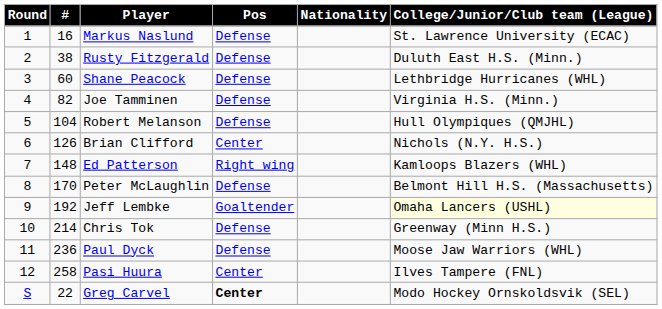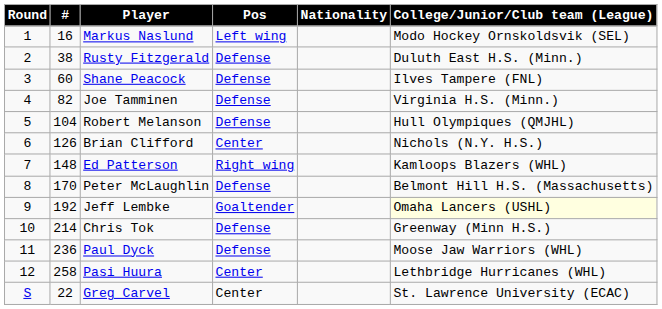 <table class="wikitable">
 <tr>
 <th style="color:white; background:#000000; ">Round</th>
 <th style="color:white; background:#000000; ">#</th>
 <th style="color:white; background:#000000; ">Player</th>
 <th style="color:white; background:#000000; ">Pos</th>
 <th style="color:white; background:#000000; ">Nationality</th>
 <th style="color:white; background:#000000; ">College/Junior/Club team (League)</th>
 </tr>
 <tr>
 <td align=center>1</td>
 <td align=center>16</td>
 <td><a href='#'>Markus Naslund</a></td>
-<td><a href='#'>Defense</a></td>
+<td><a href='#'>Left wing</a></td>
 <td></td>
-<td>St. Lawrence University (ECAC)</td>
+<td>Modo Hockey Ornskoldsvik (SEL)</td>
 </tr>
 <tr>
 <td align=center>2</td>
 <td align=center>38</td>
 <td><a href='#'>Rusty Fitzgerald</a></td>
 <td><a href='#'>Defense</a></td>
 <td></td>
 <td>Duluth East H.S. (Minn.)</td>
 </tr>
 <tr>
 <td align=center>3</td>
 <td align=center>60</td>
 <td><a href='#'>Shane Peacock</a></td>
 <td><a href='#'>Defense</a></td>
 <td></td>
-<td>Lethbridge Hurricanes (WHL)</td>
+<td>Ilves Tampere (FNL)</td>
 </tr>
 <tr>
 <td align=center>4</td>
 <td align=center>82</td>
 <td>Joe Tamminen</td>
 <td><a href='#'>Defense</a></td>
 <td></td>
 <td>Virginia H.S. (Minn.)</td>
 </tr>
 <tr>
 <td align=center>5</td>
 <td align=center>104</td>
 <td>Robert Melanson</td>
 <td><a href='#'>Defense</a></td>
 <td></td>
 <td>Hull Olympiques (QMJHL)</td>
 </tr>
 <tr>
 <td align=center>6</td>
 <td align=center>126</td>
 <td>Brian Clifford</td>
 <td><a href='#'>Center</a></td>
 <td></td>
 <td>Nichols (N.Y. H.S.)</td>
 </tr>
 <tr>
 <td align=center>7</td>
 <td align=center>148</td>
 <td><a href='#'>Ed Patterson</a></td>
 <td><a href='#'>Right wing</a></td>
 <td></td>
 <td>Kamloops Blazers (WHL)</td>
 </tr>
 <tr>
 <td align=center>8</td>
 <td align=center>170</td>
 <td>Peter McLaughlin</td>
 <td><a href='#'>Defense</a></td>
 <td></td>
 <td>Belmont Hill H.S. (Massachusetts)</td>
 </tr>
 <tr>
 <td align=center>9</td>
 <td align=center>192</td>
 <td>Jeff Lembke</td>
 <td><a href='#'>Goaltender</a></td>
 <td></td>
 <td style="background: lightyellow;">Omaha Lancers (USHL)</td>
 </tr>
 <tr>
 <td align=center>10</td>
 <td align=center>214</td>
 <td>Chris Tok</td>
 <td><a href='#'>Defense</a></td>
 <td></td>
 <td>Greenway (Minn H.S.)</td>
 </tr>
 <tr>
 <td align=center>11</td>
 <td align=center>236</td>
 <td><a href='#'>Paul Dyck</a></td>
 <td><a href='#'>Defense</a></td>
 <td></td>
 <td>Moose Jaw Warriors (WHL)</td>
 </tr>
 <tr>
 <td align=center>12</td>
 <td align=center>258</td>
 <td><a href='#'>Pasi Huura</a></td>
 <td><a href='#'>Center</a></td>
 <td></td>
-<td>Ilves Tampere (FNL)</td>
+<td>Lethbridge Hurricanes (WHL)</td>
 </tr>
 <tr>
 <td align=center><a href='#'>S</a></td>
 <td align=center>22</td>
 <td><a href='#'>Greg Carvel</a></td>
-<td><strong>Center</strong></td>
+<td>Center</td>
 <td></td>
-<td>Modo Hockey Ornskoldsvik (SEL)</td>
+<td>St. Lawrence University (ECAC)</td>
 </tr>
 </table>
